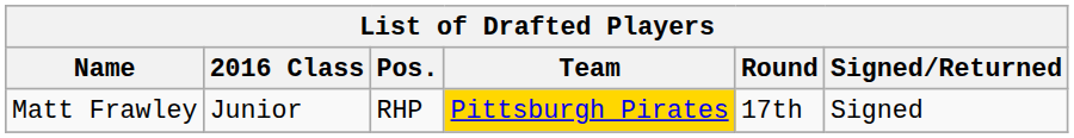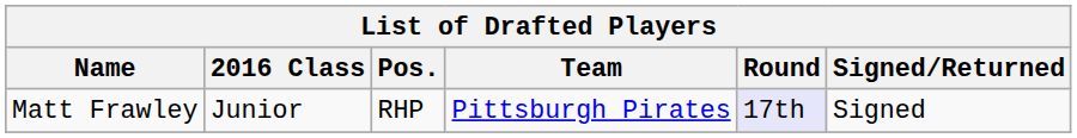 <table class="wikitable collapsible">
 <tr>
 <th colspan="7">List of Drafted Players</th>
 </tr>
 <tr>
 <th>Name</th>
 <th>2016 Class</th>
 <th>Pos.</th>
 <th>Team</th>
 <th>Round</th>
 <th>Signed/Returned</th>
 </tr>
 <tr>
 <td>Matt Frawley</td>
 <td>Junior</td>
 <td>RHP</td>
-<td style="background: gold;"><a href='#'>Pittsburgh Pirates</a></td>
-<td>17th</td>
+<td><a href='#'>Pittsburgh Pirates</a></td>
+<td style="background: lavender;">17th</td>
 <td>Signed</td>
 </tr>
 </table>
